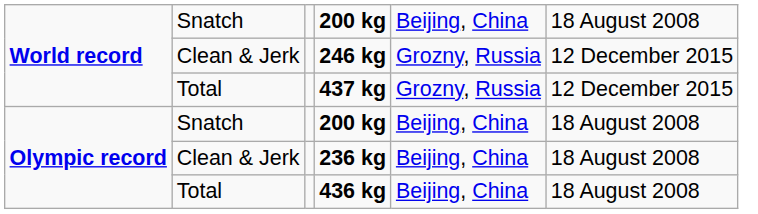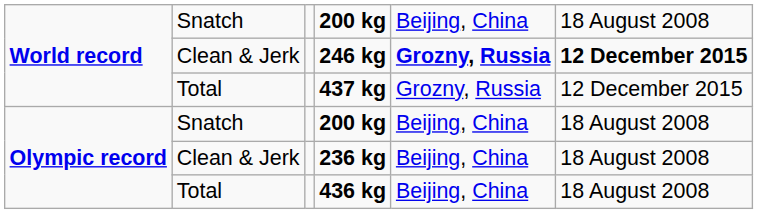 <table class="wikitable">
 <tr>
 <td rowspan=3><strong><a href='#'>World record</a></strong></td>
 <td>Snatch</td>
 <td></td>
 <td><strong>200 kg</strong></td>
 <td><a href='#'>Beijing</a>, <a href='#'>China</a></td>
 <td>18 August 2008</td>
 </tr>
 <tr>
 <td>Clean & Jerk</td>
 <td></td>
 <td><strong>246 kg</strong></td>
-<td><a href='#'>Grozny</a>, <a href='#'>Russia</a></td>
-<td>12 December 2015</td>
+<td><strong><a href='#'>Grozny</a>, <a href='#'>Russia</a></strong></td>
+<td><strong>12 December 2015</strong></td>
 </tr>
 <tr>
 <td>Total</td>
 <td></td>
 <td><strong>437 kg</strong></td>
 <td><a href='#'>Grozny</a>, <a href='#'>Russia</a></td>
 <td>12 December 2015</td>
 </tr>
 <tr>
 <td rowspan=3><strong><a href='#'>Olympic record</a></strong></td>
 <td>Snatch</td>
 <td></td>
 <td><strong>200 kg</strong></td>
 <td><a href='#'>Beijing</a>, <a href='#'>China</a></td>
 <td>18 August 2008</td>
 </tr>
 <tr>
 <td>Clean & Jerk</td>
 <td></td>
 <td><strong>236 kg</strong></td>
 <td><a href='#'>Beijing</a>, <a href='#'>China</a></td>
 <td>18 August 2008</td>
 </tr>
 <tr>
 <td>Total</td>
 <td></td>
 <td><strong>436 kg</strong></td>
 <td><a href='#'>Beijing</a>, <a href='#'>China</a></td>
 <td>18 August 2008</td>
 </tr>
 </table>
